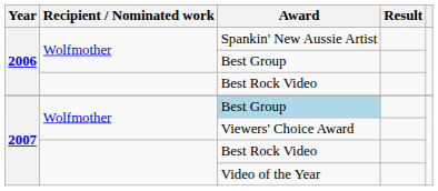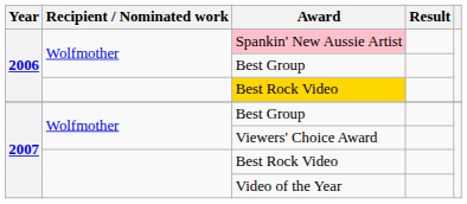 <table class="wikitable sortable plainrowheaders">
 <tr>
 <th scope="col">Year</th>
 <th scope="col">Recipient / Nominated work</th>
 <th scope="col">Award</th>
 <th scope="col">Result</th>
 <th scope="col" class="unsortable"></th>
 </tr>
 <tr>
 <th scope="row" rowspan="3"><a href='#'>2006</a></th>
 <td rowspan="2"><a href='#'>Wolfmother</a></td>
-<td>Spankin' New Aussie Artist</td>
+<td style="background: pink;">Spankin' New Aussie Artist</td>
 <td></td>
 <td align="centre" rowspan="3"></td>
 </tr>
 <tr>
 <td>Best Group</td>
 <td></td>
 </tr>
 <tr>
 <td></td>
-<td>Best Rock Video</td>
+<td style="background: gold;">Best Rock Video</td>
 <td></td>
 </tr>
 <tr>
 </tr>
 <tr>
 <th scope="row" rowspan="4"><a href='#'>2007</a></th>
 <td rowspan="2"><a href='#'>Wolfmother</a></td>
-<td style="background: lightblue;">Best Group</td>
+<td>Best Group</td>
 <td></td>
 <td align="centre" rowspan="4"></td>
 </tr>
 <tr>
 <td>Viewers' Choice Award</td>
 <td></td>
 </tr>
 <tr>
 <td rowspan="2"></td>
 <td>Best Rock Video</td>
 <td></td>
 </tr>
 <tr>
 <td>Video of the Year</td>
 <td></td>
 </tr>
 </table>
